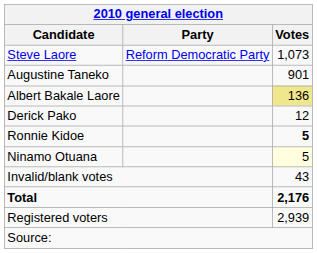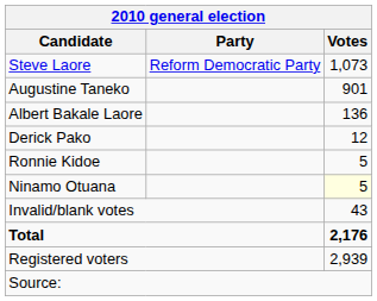 <table class="wikitable" style="text-align:left">
 <tr>
 <th colspan="3"><a href='#'>2010 general election</a></th>
 </tr>
 <tr>
 <th>Candidate</th>
 <th>Party</th>
 <th>Votes</th>
 </tr>
 <tr>
 <td><a href='#'>Steve Laore</a></td>
 <td><a href='#'>Reform Democratic Party</a></td>
 <td align="right">1,073</td>
 </tr>
 <tr>
 <td>Augustine Taneko</td>
 <td></td>
 <td align="right">901</td>
 </tr>
 <tr>
 <td>Albert Bakale Laore</td>
 <td></td>
-<td align="right" style="background: khaki;">136</td>
+<td align="right">136</td>
 </tr>
 <tr>
 <td>Derick Pako</td>
 <td></td>
 <td align="right">12</td>
 </tr>
 <tr>
 <td>Ronnie Kidoe</td>
 <td></td>
-<td align="right"><strong>5</strong></td>
+<td align="right">5</td>
 </tr>
 <tr>
 <td>Ninamo Otuana</td>
 <td></td>
 <td align="right" style="background: lightyellow;">5</td>
 </tr>
 <tr>
 <td colspan="2">Invalid/blank votes</td>
 <td align="right">43</td>
 </tr>
 <tr>
 <td colspan="2"><strong>Total</strong></td>
 <td align="right"><strong>2,176</strong></td>
 </tr>
 <tr>
 <td colspan="2">Registered voters</td>
 <td align="right">2,939</td>
 </tr>
 <tr>
 <td colspan="3">Source: </td>
 </tr>
 </table>
